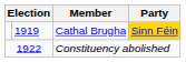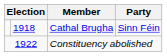 <table class="wikitable">
 <tr>
 <th colspan="2">Election</th>
 <th>Member</th>
 <th>Party</th>
 </tr>
 <tr>
 <td style="color:inherit;background-color: "></td>
-<td><a href='#'>1919</a></td>
+<td><a href='#'>1918</a></td>
 <td><a href='#'>Cathal Brugha</a></td>
-<td style="background: gold;"><a href='#'>Sinn Féin</a></td>
+<td><a href='#'>Sinn Féin</a></td>
 </tr>
 <tr>
 <td colspan="2" align="center"><a href='#'>1922</a></td>
 <td colspan="2"><em>Constituency abolished</em></td>
 </tr>
 </table>
